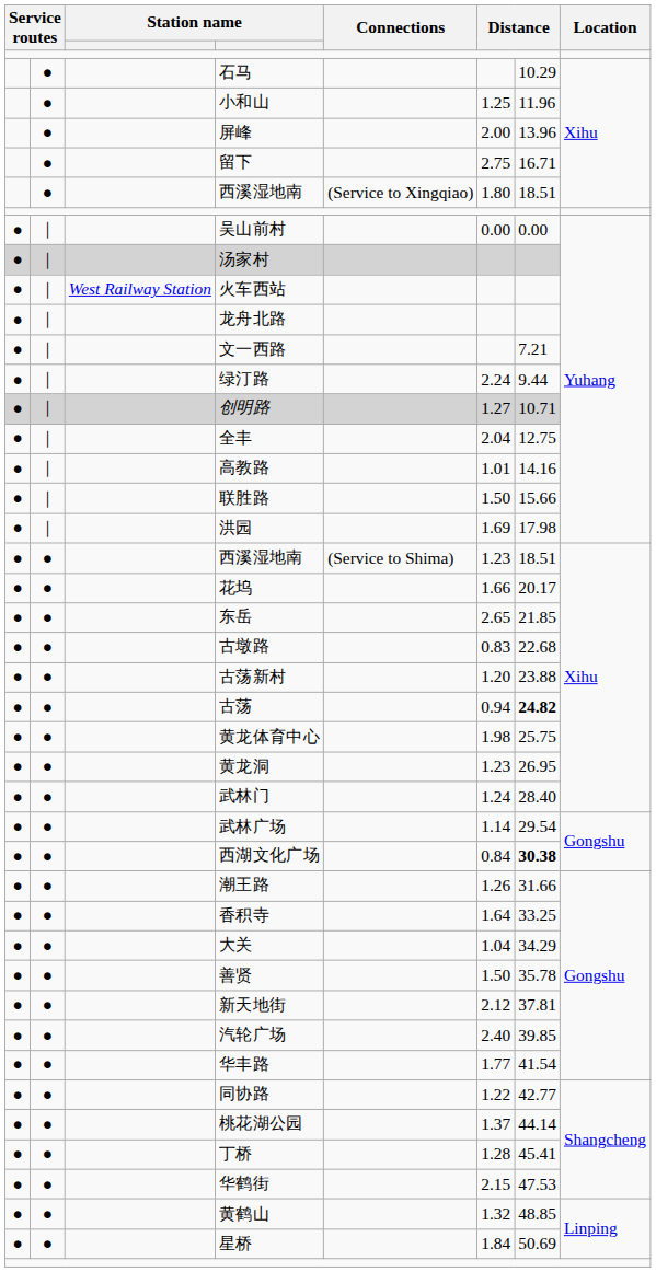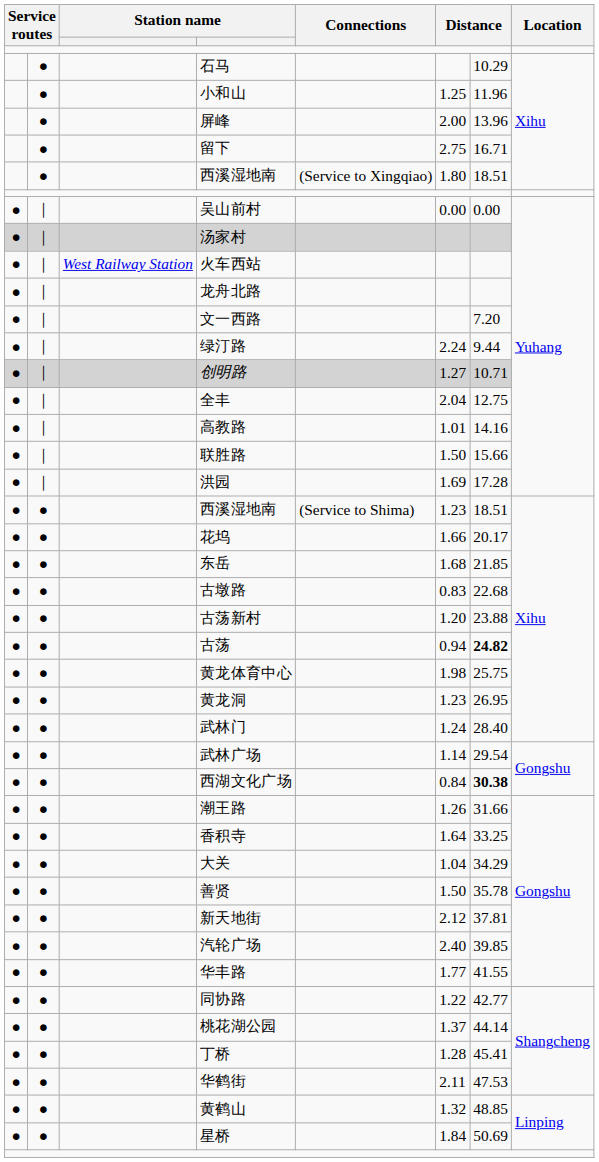 <table class="wikitable">
 <tr>
 <th rowspan="2" colspan="2">Service<br>routes</th>
 <th colspan="2">Station name</th>
 <th rowspan="2">Connections</th>
 <th colspan="2" rowspan="2">Distance<br></th>
 <th rowspan="2">Location</th>
 </tr>
 <tr>
 <th></th>
 <th></th>
 </tr>
 <tr style="background:#">
 <td colspan = "7"></td>
 <td></td>
 </tr>
 <tr>
 <td align="center"></td>
 <td align="center">●</td>
 <td></td>
 <td><span>石马</span></td>
 <td></td>
 <td></td>
 <td>10.29</td>
 <td rowspan="5"><a href='#'>Xihu</a></td>
 </tr>
 <tr>
 <td align="center"></td>
 <td align="center">●</td>
 <td></td>
 <td><span>小和山</span></td>
 <td></td>
 <td>1.25</td>
 <td>11.96</td>
 </tr>
 <tr>
 <td align="center"></td>
 <td align="center">●</td>
 <td></td>
 <td><span>屏峰</span></td>
 <td></td>
 <td>2.00</td>
 <td>13.96</td>
 </tr>
 <tr>
 <td align="center"></td>
 <td align="center">●</td>
 <td></td>
 <td><span>留下</span></td>
 <td></td>
 <td>2.75</td>
 <td>16.71</td>
 </tr>
 <tr>
 <td align="center"></td>
 <td align="center">●</td>
 <td></td>
 <td><span>西溪湿地南</span></td>
 <td> (Service to Xingqiao)</td>
 <td>1.80</td>
 <td>18.51</td>
 </tr>
 <tr style="background:#">
 <td colspan = "7"></td>
 <td></td>
 </tr>
 <tr>
 <td align="center">●</td>
 <td align="center">｜</td>
 <td></td>
 <td><span>吴山前村</span></td>
 <td></td>
 <td>0.00</td>
 <td>0.00</td>
 <td rowspan="11"><a href='#'>Yuhang</a></td>
 </tr>
 <tr bgcolor="lightgrey">
 <td align="center">●</td>
 <td align="center">｜</td>
 <td><em></em></td>
 <td><span>汤家村</span></td>
 <td></td>
 <td></td>
 <td></td>
 </tr>
 <tr>
 <td align="center">●</td>
 <td align="center">｜</td>
 <td><a href='#'><em>West Railway Station</em></a></td>
 <td><span>火车西站</span></td>
 <td> </td>
 <td></td>
 <td></td>
 </tr>
 <tr>
 <td align="center">●</td>
 <td align="center">｜</td>
 <td></td>
 <td><span>龙舟北路</span></td>
 <td></td>
 <td></td>
 <td></td>
 </tr>
 <tr>
 <td align="center">●</td>
 <td align="center">｜</td>
 <td></td>
 <td><span>文一西路</span></td>
 <td></td>
 <td></td>
-<td>7.21</td>
+<td>7.20</td>
 </tr>
 <tr>
 <td align="center">●</td>
 <td align="center">｜</td>
 <td></td>
 <td><span>绿汀路</span></td>
 <td> </td>
 <td>2.24</td>
 <td>9.44</td>
 </tr>
 <tr bgcolor="lightgrey">
 <td align="center">●</td>
 <td align="center">｜</td>
 <td><em></em></td>
 <td><span><em>创明路</em></span></td>
 <td></td>
 <td>1.27</td>
 <td>10.71</td>
 </tr>
 <tr>
 <td align="center">●</td>
 <td align="center">｜</td>
 <td></td>
 <td><span>全丰</span></td>
 <td></td>
 <td>2.04</td>
 <td>12.75</td>
 </tr>
 <tr>
 <td align="center">●</td>
 <td align="center">｜</td>
 <td></td>
 <td><span>高教路</span></td>
 <td></td>
 <td>1.01</td>
 <td>14.16</td>
 </tr>
 <tr>
 <td align="center">●</td>
 <td align="center">｜</td>
 <td></td>
 <td><span>联胜路</span></td>
 <td></td>
 <td>1.50</td>
 <td>15.66</td>
 </tr>
 <tr>
 <td align="center">●</td>
 <td align="center">｜</td>
 <td></td>
 <td><span>洪园</span></td>
 <td></td>
 <td>1.69</td>
-<td>17.98</td>
+<td>17.28</td>
 </tr>
 <tr>
 <td align="center">●</td>
 <td align="center">●</td>
 <td></td>
 <td><span>西溪湿地南</span></td>
 <td> (Service to Shima)</td>
 <td>1.23</td>
 <td>18.51</td>
 <td rowspan="9"><a href='#'>Xihu</a></td>
 </tr>
 <tr>
 <td align="center">●</td>
 <td align="center">●</td>
 <td></td>
 <td><span>花坞</span></td>
 <td></td>
 <td>1.66</td>
 <td>20.17</td>
 </tr>
 <tr>
 <td align="center">●</td>
 <td align="center">●</td>
 <td></td>
 <td><span>东岳</span></td>
 <td></td>
-<td>2.65</td>
+<td>1.68</td>
 <td>21.85</td>
 </tr>
 <tr>
 <td align="center">●</td>
 <td align="center">●</td>
 <td></td>
 <td><span>古墩路</span></td>
 <td></td>
 <td>0.83</td>
 <td>22.68</td>
 </tr>
 <tr>
 <td align="center">●</td>
 <td align="center">●</td>
 <td></td>
 <td><span>古荡新村</span></td>
 <td></td>
 <td>1.20</td>
 <td>23.88</td>
 </tr>
 <tr>
 <td align="center">●</td>
 <td align="center">●</td>
 <td></td>
 <td><span>古荡</span></td>
 <td></td>
 <td>0.94</td>
 <td><strong>24.82</strong></td>
 </tr>
 <tr>
 <td align="center">●</td>
 <td align="center">●</td>
 <td></td>
 <td><span>黄龙体育中心</span></td>
 <td></td>
 <td>1.98</td>
 <td>25.75</td>
 </tr>
 <tr>
 <td align="center">●</td>
 <td align="center">●</td>
 <td></td>
 <td><span>黄龙洞</span></td>
 <td></td>
 <td>1.23</td>
 <td>26.95</td>
 </tr>
 <tr>
 <td align="center">●</td>
 <td align="center">●</td>
 <td></td>
 <td><span>武林门</span></td>
 <td></td>
 <td>1.24</td>
 <td>28.40</td>
 </tr>
 <tr>
 <td align="center">●</td>
 <td align="center">●</td>
 <td></td>
 <td><span>武林广场</span></td>
 <td></td>
 <td>1.14</td>
 <td>29.54</td>
 <td rowspan="2"><a href='#'>Gongshu</a></td>
 </tr>
 <tr>
 <td align="center">●</td>
 <td align="center">●</td>
 <td></td>
 <td><span>西湖文化广场</span></td>
 <td> </td>
 <td>0.84</td>
 <td><strong>30.38</strong></td>
 </tr>
 <tr>
 <td align="center">●</td>
 <td align="center">●</td>
 <td></td>
 <td><span>潮王路</span></td>
 <td></td>
 <td>1.26</td>
 <td>31.66</td>
 <td rowspan="7"><a href='#'>Gongshu</a></td>
 </tr>
 <tr>
 <td align="center">●</td>
 <td align="center">●</td>
 <td></td>
 <td><span>香积寺</span></td>
 <td></td>
 <td>1.64</td>
 <td>33.25</td>
 </tr>
 <tr>
 <td align="center">●</td>
 <td align="center">●</td>
 <td></td>
 <td><span>大关</span></td>
 <td></td>
 <td>1.04</td>
 <td>34.29</td>
 </tr>
 <tr>
 <td align="center">●</td>
 <td align="center">●</td>
 <td></td>
 <td><span>善贤</span></td>
 <td></td>
 <td>1.50</td>
 <td>35.78</td>
 </tr>
 <tr>
 <td align="center">●</td>
 <td align="center">●</td>
 <td></td>
 <td><span>新天地街</span></td>
 <td></td>
 <td>2.12</td>
 <td>37.81</td>
 </tr>
 <tr>
 <td align="center">●</td>
 <td align="center">●</td>
 <td></td>
 <td><span>汽轮广场</span></td>
 <td></td>
 <td>2.40</td>
 <td>39.85</td>
 </tr>
 <tr>
 <td align="center">●</td>
 <td align="center">●</td>
 <td></td>
 <td><span>华丰路</span></td>
 <td></td>
 <td>1.77</td>
-<td>41.54</td>
+<td>41.55</td>
 </tr>
 <tr>
 <td align="center">●</td>
 <td align="center">●</td>
 <td></td>
 <td><span>同协路</span></td>
 <td></td>
 <td>1.22</td>
 <td>42.77</td>
 <td rowspan="4"><a href='#'>Shangcheng</a></td>
 </tr>
 <tr>
 <td align="center">●</td>
 <td align="center">●</td>
 <td></td>
 <td><span>桃花湖公园</span></td>
 <td></td>
 <td>1.37</td>
 <td>44.14</td>
 </tr>
 <tr>
 <td align="center">●</td>
 <td align="center">●</td>
 <td></td>
 <td><span>丁桥</span></td>
 <td></td>
 <td>1.28</td>
 <td>45.41</td>
 </tr>
 <tr>
 <td align="center">●</td>
 <td align="center">●</td>
 <td></td>
 <td><span>华鹤街</span></td>
 <td></td>
-<td>2.15</td>
+<td>2.11</td>
 <td>47.53</td>
 </tr>
 <tr>
 <td align="center">●</td>
 <td align="center">●</td>
 <td></td>
 <td><span>黄鹤山</span></td>
 <td></td>
 <td>1.32</td>
 <td>48.85</td>
 <td rowspan="2"><a href='#'>Linping</a></td>
 </tr>
 <tr>
 <td align="center">●</td>
 <td align="center">●</td>
 <td></td>
 <td><span>星桥</span></td>
 <td></td>
 <td>1.84</td>
 <td>50.69</td>
 </tr>
 <tr style="background:#">
 <td colspan = "8"></td>
 </tr>
 </table>
